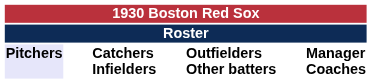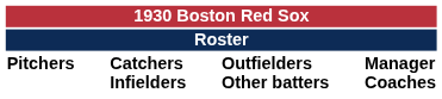 <table class="toccolours" style="text-align: left;">
 <tr>
 <th colspan="10" style="background-color: #ba313c; color: white; text-align: center;">1930 Boston Red Sox</th>
 </tr>
 <tr>
 <td colspan="10" style="background-color: #0d2b56; color: white; text-align: center;"><strong>Roster</strong></td>
 </tr>
 <tr>
-<td valign="top" style="background: lavender;"><strong>Pitchers</strong><br>            </td>
+<td valign="top"><strong>Pitchers</strong><br>            </td>
 <td width="25px"></td>
 <td valign="top"><strong>Catchers</strong><br>   <strong>Infielders</strong>         </td>
 <td width="25px"></td>
 <td valign="top"><strong>Outfielders</strong><br>        <strong>Other batters</strong>  </td>
 <td width="25px"></td>
 <td valign="top"><strong>Manager</strong><br> <strong>Coaches</strong> </td>
 </tr>
 <tr>
 </tr>
 </table>
